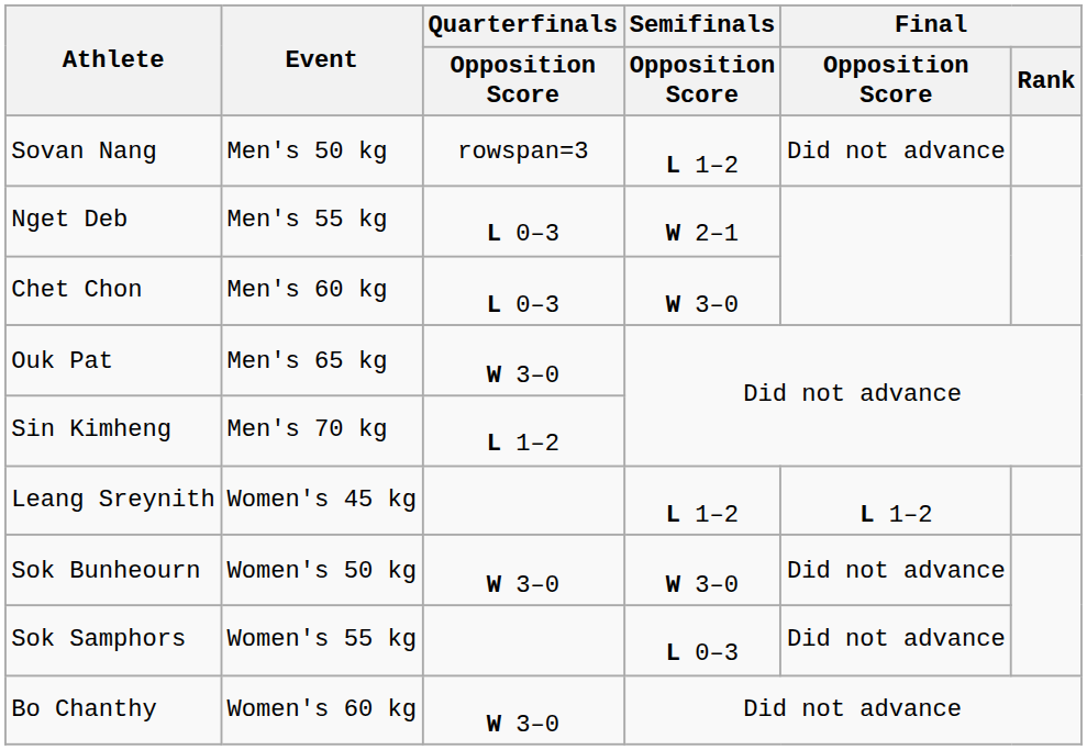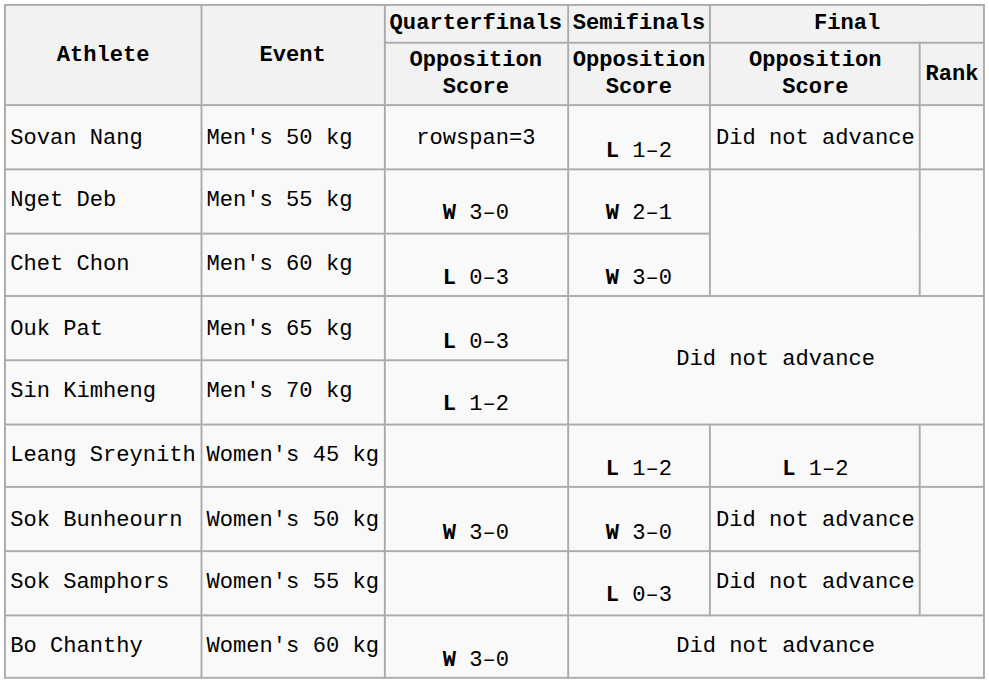 <table class="wikitable" style="font-size:90%">
 <tr>
 <th rowspan=2>Athlete</th>
 <th rowspan=2>Event</th>
 <th>Quarterfinals</th>
 <th>Semifinals</th>
 <th colspan=2>Final</th>
 </tr>
 <tr style="font-size:95">
 <th>Opposition<br>Score</th>
 <th>Opposition<br>Score</th>
 <th>Opposition<br>Score</th>
 <th>Rank</th>
 </tr>
 <tr align=center>
 <td align=left>Sovan Nang</td>
 <td align=left>Men's 50 kg</td>
 <td>rowspan=3 </td>
 <td><br><strong>L</strong> 1–2</td>
 <td>Did not advance</td>
 <td></td>
 </tr>
 <tr align=center>
 <td align=left>Nget Deb</td>
 <td align=left>Men's 55 kg</td>
-<td><br><strong>L</strong> 0–3</td>
+<td><br><strong>W</strong> 3–0</td>
 <td><br><strong>W</strong> 2–1</td>
 <td rowspan=2></td>
 </tr>
 <tr align=center>
 <td align=left>Chet Chon</td>
 <td align=left>Men's 60 kg</td>
 <td><br><strong>L</strong> 0–3</td>
 <td><br><strong>W</strong> 3–0</td>
 </tr>
 <tr align=center>
 <td align=left>Ouk Pat</td>
 <td align=left>Men's 65 kg</td>
-<td><br><strong>W</strong> 3–0</td>
+<td><br><strong>L</strong> 0–3</td>
 <td rowspan=2 colspan=3>Did not advance</td>
 </tr>
 <tr align=center>
 <td align=left>Sin Kimheng</td>
 <td align=left>Men's 70 kg</td>
 <td><br><strong>L</strong> 1–2</td>
 </tr>
 <tr align=center>
 <td align=left>Leang Sreynith</td>
 <td align=left>Women's 45 kg</td>
 <td></td>
 <td><br><strong>L</strong> 1–2</td>
 <td><br><strong>L</strong> 1–2</td>
 <td></td>
 </tr>
 <tr align=center>
 <td align=left>Sok Bunheourn</td>
 <td align=left>Women's 50 kg</td>
 <td><br><strong>W</strong> 3–0</td>
 <td><br><strong>W</strong> 3–0</td>
 <td>Did not advance</td>
 <td rowspan=2></td>
 </tr>
 <tr align=center>
 <td align=left>Sok Samphors</td>
 <td align=left>Women's 55 kg</td>
 <td></td>
 <td><br><strong>L</strong> 0–3</td>
 <td>Did not advance</td>
 </tr>
 <tr align=center>
 <td align=left>Bo Chanthy</td>
 <td align=left>Women's 60 kg</td>
 <td><br><strong>W</strong> 3–0</td>
 <td colspan=3>Did not advance</td>
 </tr>
 </table>
